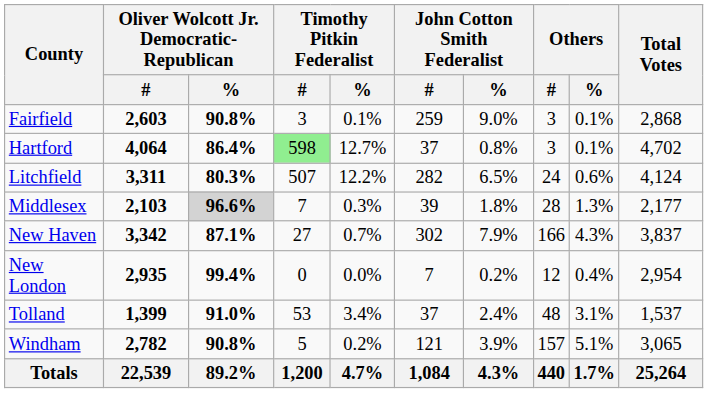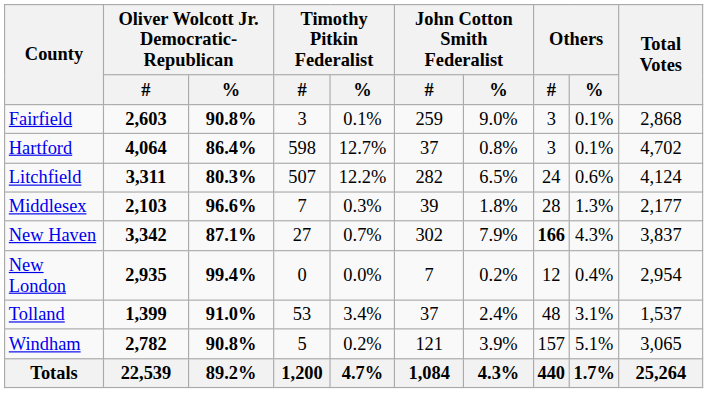 <table class="wikitable sortable">
 <tr>
 <th rowspan="2" scope="col">County</th>
 <th colspan="2" scope="col">Oliver Wolcott Jr.<br>Democratic-Republican</th>
 <th colspan="2" scope="col">Timothy Pitkin<br>Federalist</th>
 <th colspan="2" scope="col">John Cotton Smith<br>Federalist</th>
 <th colspan="2" scope="col">Others</th>
 <th rowspan="2" scope="col">Total Votes</th>
 </tr>
 <tr>
 <th>#</th>
 <th>%</th>
 <th>#</th>
 <th>%</th>
 <th>#</th>
 <th>%</th>
 <th>#</th>
 <th>%</th>
 </tr>
 <tr>
 <td><a href='#'>Fairfield</a></td>
 <td align="center"><strong>2,603</strong></td>
 <td align="center"><strong>90.8%</strong></td>
 <td align="center">3</td>
 <td align="center">0.1%</td>
 <td align="center">259</td>
 <td align="center">9.0%</td>
 <td align="center">3</td>
 <td align="center">0.1%</td>
 <td align="center">2,868</td>
 </tr>
 <tr>
 <td><a href='#'>Hartford</a></td>
 <td align="center"><strong>4,064</strong></td>
 <td align="center"><strong>86.4%</strong></td>
-<td align="center" style="background: lightgreen;">598</td>
+<td align="center">598</td>
 <td align="center">12.7%</td>
 <td align="center">37</td>
 <td align="center">0.8%</td>
 <td align="center">3</td>
 <td align="center">0.1%</td>
 <td align="center">4,702</td>
 </tr>
 <tr>
 <td><a href='#'>Litchfield</a></td>
 <td align="center"><strong>3,311</strong></td>
 <td align="center"><strong>80.3%</strong></td>
 <td align="center">507</td>
 <td align="center">12.2%</td>
 <td align="center">282</td>
 <td align="center">6.5%</td>
 <td align="center">24</td>
 <td align="center">0.6%</td>
 <td align="center">4,124</td>
 </tr>
 <tr>
 <td><a href='#'>Middlesex</a></td>
 <td align="center"><strong>2,103</strong></td>
-<td align="center" style="background: lightgrey;"><strong>96.6%</strong></td>
+<td align="center"><strong>96.6%</strong></td>
 <td align="center">7</td>
 <td align="center">0.3%</td>
 <td align="center">39</td>
 <td align="center">1.8%</td>
 <td align="center">28</td>
 <td align="center">1.3%</td>
 <td align="center">2,177</td>
 </tr>
 <tr>
 <td><a href='#'>New Haven</a></td>
 <td align="center"><strong>3,342</strong></td>
 <td align="center"><strong>87.1%</strong></td>
 <td align="center">27</td>
 <td align="center">0.7%</td>
 <td align="center">302</td>
 <td align="center">7.9%</td>
-<td align="center">166</td>
+<td align="center"><strong>166</strong></td>
 <td align="center">4.3%</td>
 <td align="center">3,837</td>
 </tr>
 <tr>
 <td><a href='#'>New London</a></td>
 <td align="center"><strong>2,935</strong></td>
 <td align="center"><strong>99.4%</strong></td>
 <td align="center">0</td>
 <td align="center">0.0%</td>
 <td align="center">7</td>
 <td align="center">0.2%</td>
 <td align="center">12</td>
 <td align="center">0.4%</td>
 <td align="center">2,954</td>
 </tr>
 <tr>
 <td><a href='#'>Tolland</a></td>
 <td align="center"><strong>1,399</strong></td>
 <td align="center"><strong>91.0%</strong></td>
 <td align="center">53</td>
 <td align="center">3.4%</td>
 <td align="center">37</td>
 <td align="center">2.4%</td>
 <td align="center">48</td>
 <td align="center">3.1%</td>
 <td align="center">1,537</td>
 </tr>
 <tr>
 <td><a href='#'>Windham</a></td>
 <td align="center"><strong>2,782</strong></td>
 <td align="center"><strong>90.8%</strong></td>
 <td align="center">5</td>
 <td align="center">0.2%</td>
 <td align="center">121</td>
 <td align="center">3.9%</td>
 <td align="center">157</td>
 <td align="center">5.1%</td>
 <td align="center">3,065</td>
 </tr>
 <tr>
 <th>Totals</th>
 <th>22,539</th>
 <th>89.2%</th>
 <th>1,200</th>
 <th>4.7%</th>
 <th>1,084</th>
 <th>4.3%</th>
 <th>440</th>
 <th>1.7%</th>
 <th>25,264</th>
 </tr>
 </table>
